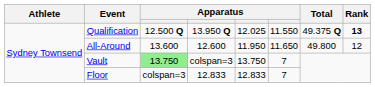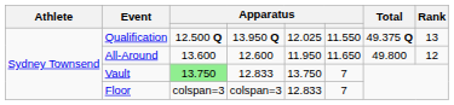 <table class="wikitable" style="font-size:90%">
 <tr>
 <th rowspan=2>Athlete</th>
 <th rowspan=2>Event</th>
 <th colspan =4>Apparatus</th>
 <th rowspan=2>Total</th>
 <th rowspan=2>Rank</th>
 </tr>
 <tr style="font-size:95%">
 <th></th>
 <th></th>
 <th></th>
 <th></th>
 </tr>
 <tr align=center>
 <td align=left rowspan=4><a href='#'>Sydney Townsend</a></td>
 <td align=left><a href='#'>Qualification</a></td>
 <td>12.500 <strong>Q</strong></td>
 <td>13.950 <strong>Q</strong></td>
 <td>12.025</td>
 <td>11.550</td>
 <td>49.375 <strong>Q</strong></td>
-<td><strong>13</strong></td>
+<td>13</td>
 </tr>
 <tr align=center>
 <td align=left><a href='#'>All-Around</a></td>
 <td>13.600</td>
 <td>12.600</td>
 <td>11.950</td>
 <td>11.650</td>
 <td>49.800</td>
 <td>12</td>
 </tr>
 <tr align=center>
 <td align=left><a href='#'>Vault</a></td>
 <td style="background: lightgreen;">13.750</td>
-<td>colspan=3 </td>
+<td>12.833</td>
 <td>13.750</td>
 <td>7</td>
 </tr>
 <tr align=center>
 <td align=left><a href='#'>Floor</a></td>
 <td>colspan=3 </td>
-<td>12.833</td>
+<td>colspan=3 </td>
 <td>12.833</td>
 <td>7</td>
 </tr>
 </table>
